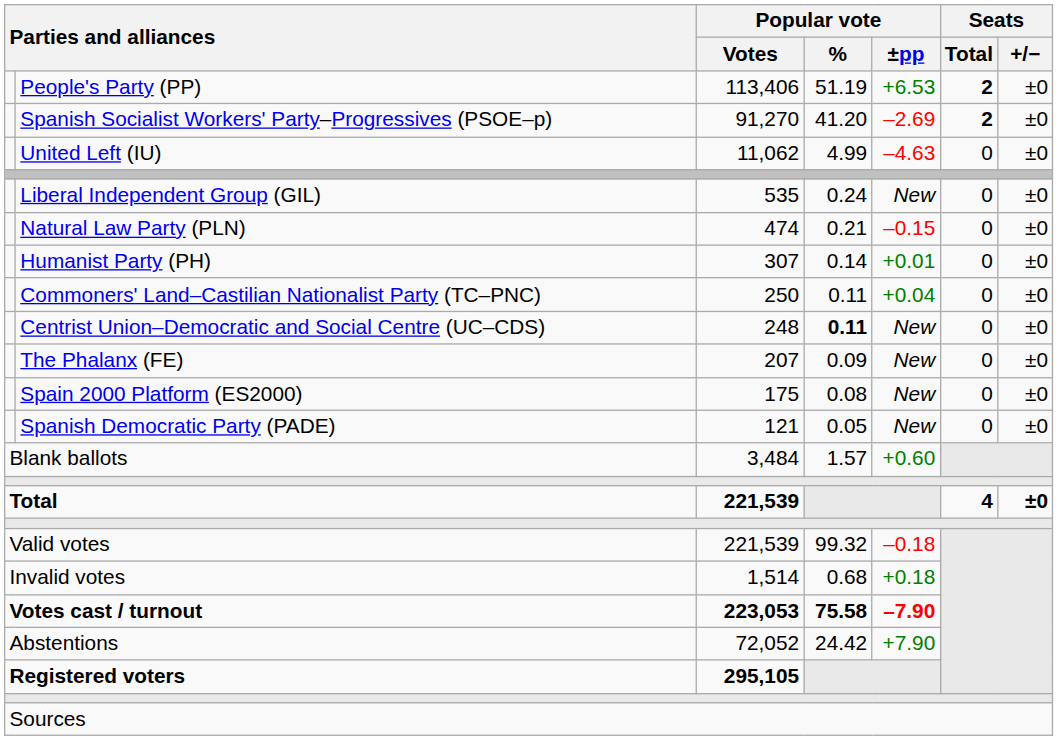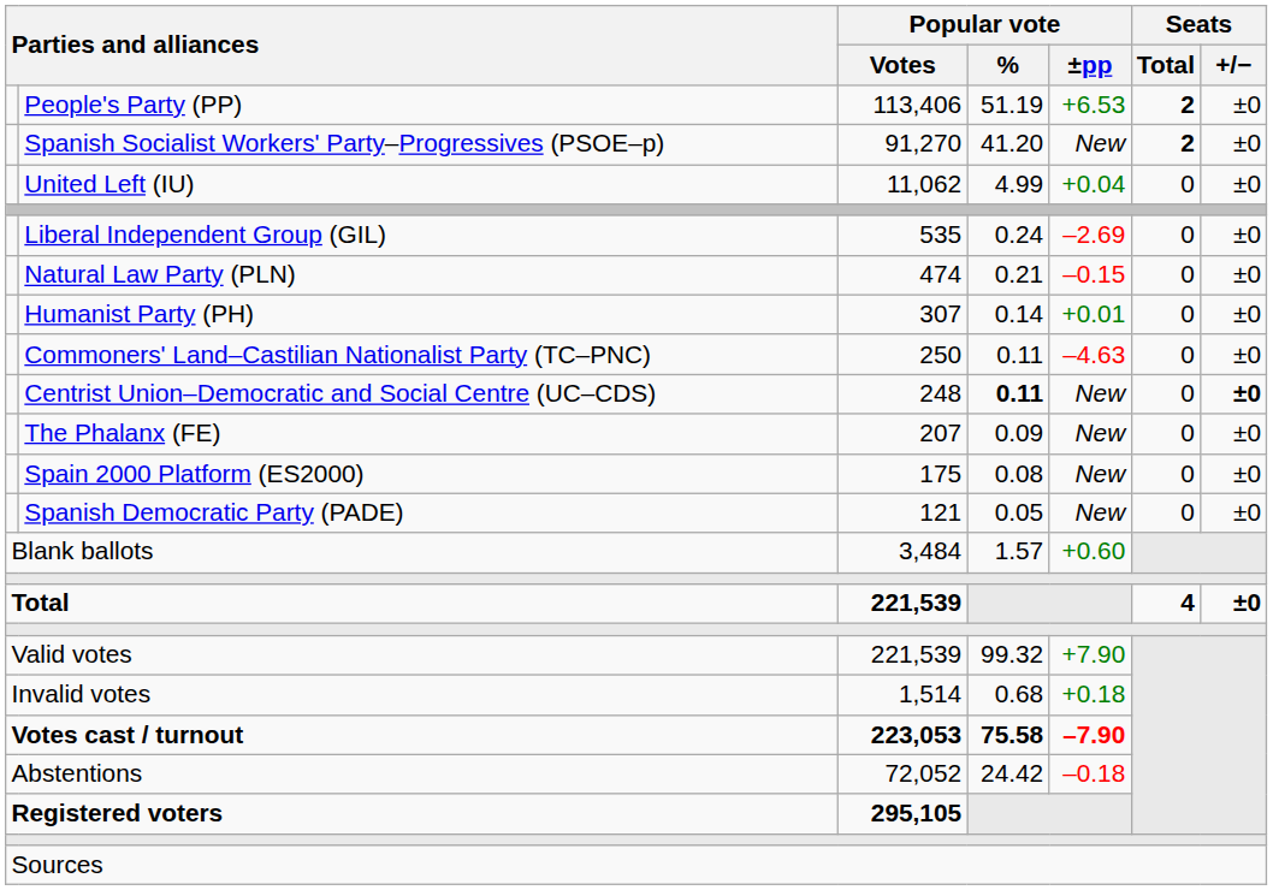 <table class="wikitable" style="text-align:right;">
 <tr>
 <th style="text-align:left;" rowspan="2" colspan="2" width="525">Parties and alliances</th>
 <th colspan="3">Popular vote</th>
 <th colspan="2">Seats</th>
 </tr>
 <tr>
 <th width="75">Votes</th>
 <th width="45">%</th>
 <th width="45">±<a href='#'>pp</a></th>
 <th width="35">Total</th>
 <th width="35">+/−</th>
 </tr>
 <tr>
 <td width="1" style="color:inherit;background:"></td>
 <td align="left"><a href='#'>People's Party</a> (PP)</td>
 <td>113,406</td>
 <td>51.19</td>
 <td style="color:green;">+6.53</td>
 <td><strong>2</strong></td>
 <td>±0</td>
 </tr>
 <tr>
 <td style="color:inherit;background:"></td>
 <td align="left"><a href='#'>Spanish Socialist Workers' Party</a>–<a href='#'>Progressives</a> (PSOE–p)</td>
 <td>91,270</td>
 <td>41.20</td>
-<td style="color:red;">–2.69</td>
+<td><em>New</em></td>
 <td><strong>2</strong></td>
 <td>±0</td>
 </tr>
 <tr>
 <td style="color:inherit;background:"></td>
 <td align="left"><a href='#'>United Left</a> (IU)</td>
 <td>11,062</td>
 <td>4.99</td>
-<td style="color:red;">–4.63</td>
+<td style="color:green;">+0.04</td>
 <td>0</td>
 <td>±0</td>
 </tr>
 <tr>
 <td colspan="7" bgcolor="#C0C0C0"></td>
 </tr>
 <tr>
 <td style="color:inherit;background:"></td>
 <td align="left"><a href='#'>Liberal Independent Group</a> (GIL)</td>
 <td>535</td>
 <td>0.24</td>
-<td><em>New</em></td>
+<td style="color:red;">–2.69</td>
 <td>0</td>
 <td>±0</td>
 </tr>
 <tr>
 <td style="color:inherit;background:"></td>
 <td align="left"><a href='#'>Natural Law Party</a> (PLN)</td>
 <td>474</td>
 <td>0.21</td>
 <td style="color:red;">–0.15</td>
 <td>0</td>
 <td>±0</td>
 </tr>
 <tr>
 <td style="color:inherit;background:"></td>
 <td align="left"><a href='#'>Humanist Party</a> (PH)</td>
 <td>307</td>
 <td>0.14</td>
 <td style="color:green;">+0.01</td>
 <td>0</td>
 <td>±0</td>
 </tr>
 <tr>
 <td style="color:inherit;background:"></td>
 <td align="left"><a href='#'>Commoners' Land–Castilian Nationalist Party</a> (TC–PNC)</td>
 <td>250</td>
 <td>0.11</td>
-<td style="color:green;">+0.04</td>
+<td style="color:red;">–4.63</td>
 <td>0</td>
 <td>±0</td>
 </tr>
 <tr>
 <td style="color:inherit;background:"></td>
 <td align="left"><a href='#'>Centrist Union–Democratic and Social Centre</a> (UC–CDS)</td>
 <td>248</td>
 <td><strong>0.11</strong></td>
 <td><em>New</em></td>
 <td>0</td>
-<td>±0</td>
+<td><strong>±0</strong></td>
 </tr>
 <tr>
 <td style="color:inherit;background:"></td>
 <td align="left"><a href='#'>The Phalanx</a> (FE)</td>
 <td>207</td>
 <td>0.09</td>
 <td><em>New</em></td>
 <td>0</td>
 <td>±0</td>
 </tr>
 <tr>
 <td style="color:inherit;background:"></td>
 <td align="left"><a href='#'>Spain 2000 Platform</a> (ES2000)</td>
 <td>175</td>
 <td>0.08</td>
 <td><em>New</em></td>
 <td>0</td>
 <td>±0</td>
 </tr>
 <tr>
 <td style="color:inherit;background:"></td>
 <td align="left"><a href='#'>Spanish Democratic Party</a> (PADE)</td>
 <td>121</td>
 <td>0.05</td>
 <td><em>New</em></td>
 <td>0</td>
 <td>±0</td>
 </tr>
 <tr>
 <td align="left" colspan="2">Blank ballots</td>
 <td>3,484</td>
 <td>1.57</td>
 <td style="color:green;">+0.60</td>
 <td bgcolor="#E9E9E9" colspan="2"></td>
 </tr>
 <tr>
 <td colspan="7" bgcolor="#E9E9E9"></td>
 </tr>
 <tr style="font-weight:bold;">
 <td align="left" colspan="2">Total</td>
 <td>221,539</td>
 <td bgcolor="#E9E9E9" colspan="2"></td>
 <td>4</td>
 <td>±0</td>
 </tr>
 <tr>
 <td colspan="7" bgcolor="#E9E9E9"></td>
 </tr>
 <tr>
 <td align="left" colspan="2">Valid votes</td>
 <td>221,539</td>
 <td>99.32</td>
-<td style="color:red;">–0.18</td>
+<td style="color:green;">+7.90</td>
 <td bgcolor="#E9E9E9" colspan="2" rowspan="5"></td>
 </tr>
 <tr>
 <td align="left" colspan="2">Invalid votes</td>
 <td>1,514</td>
 <td>0.68</td>
 <td style="color:green;">+0.18</td>
 </tr>
 <tr style="font-weight:bold;">
 <td align="left" colspan="2">Votes cast / turnout</td>
 <td>223,053</td>
 <td>75.58</td>
 <td style="color:red;">–7.90</td>
 </tr>
 <tr>
 <td align="left" colspan="2">Abstentions</td>
 <td>72,052</td>
 <td>24.42</td>
-<td style="color:green;">+7.90</td>
+<td style="color:red;">–0.18</td>
 </tr>
 <tr style="font-weight:bold;">
 <td align="left" colspan="2">Registered voters</td>
 <td>295,105</td>
 <td bgcolor="#E9E9E9" colspan="2"></td>
 </tr>
 <tr>
 <td colspan="7" bgcolor="#E9E9E9"></td>
 </tr>
 <tr>
 <td align="left" colspan="7">Sources</td>
 </tr>
 </table>
